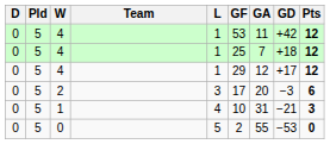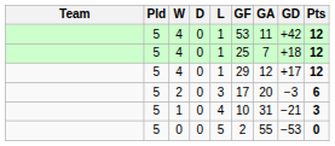 <table class=wikitable style="text-align:center">
 <tr>
-<th width=20>D</th>
+<th width=175>Team</th>
 <th width=20>Pld</th>
 <th width=20>W</th>
-<th width=175>Team</th>
+<th width=20>D</th>
 <th width=20>L</th>
 <th width=20>GF</th>
 <th width=20>GA</th>
 <th width=20>GD</th>
 <th width=20>Pts</th>
 </tr>
 <tr bgcolor=ccffcc>
-<td>0</td>
+<td align=left></td>
 <td>5</td>
 <td>4</td>
-<td align=left></td>
+<td>0</td>
 <td>1</td>
 <td>53</td>
 <td>11</td>
 <td>+42</td>
 <td><strong>12</strong></td>
 </tr>
 <tr bgcolor=ccffcc>
-<td>0</td>
+<td align=left></td>
 <td>5</td>
 <td>4</td>
-<td align=left></td>
+<td>0</td>
 <td>1</td>
 <td>25</td>
 <td>7</td>
 <td>+18</td>
 <td><strong>12</strong></td>
 </tr>
 <tr>
-<td>0</td>
+<td align=left></td>
 <td>5</td>
 <td>4</td>
-<td align=left></td>
+<td>0</td>
 <td>1</td>
 <td>29</td>
 <td>12</td>
 <td>+17</td>
 <td><strong>12</strong></td>
 </tr>
 <tr>
-<td>0</td>
+<td align=left></td>
 <td>5</td>
 <td>2</td>
-<td align=left></td>
+<td>0</td>
 <td>3</td>
 <td>17</td>
 <td>20</td>
 <td>−3</td>
 <td><strong>6</strong></td>
 </tr>
 <tr>
-<td>0</td>
+<td align=left></td>
 <td>5</td>
 <td>1</td>
-<td align=left></td>
+<td>0</td>
 <td>4</td>
 <td>10</td>
 <td>31</td>
 <td>−21</td>
 <td><strong>3</strong></td>
 </tr>
 <tr>
-<td>0</td>
+<td align=left></td>
 <td>5</td>
 <td>0</td>
-<td align=left></td>
+<td>0</td>
 <td>5</td>
 <td>2</td>
 <td>55</td>
 <td>−53</td>
 <td><strong>0</strong></td>
 </tr>
 </table>
